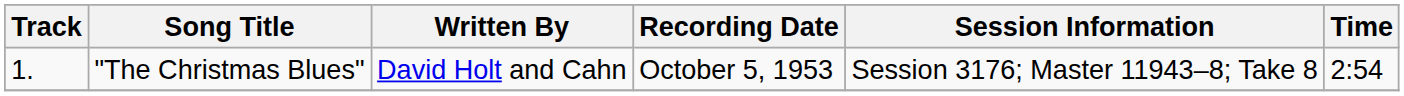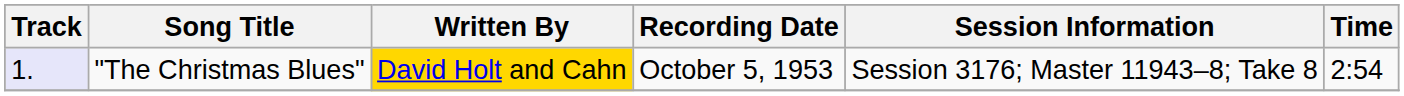 <table class="wikitable" style="font-size:95%;">
 <tr>
 <th>Track</th>
 <th>Song Title</th>
 <th>Written By</th>
 <th>Recording Date</th>
 <th>Session Information</th>
 <th>Time</th>
 </tr>
 <tr>
-<td>1.</td>
+<td style="background: lavender;">1.</td>
 <td>"The Christmas Blues"</td>
-<td><a href='#'>David Holt</a> and Cahn</td>
+<td style="background: gold;"><a href='#'>David Holt</a> and Cahn</td>
 <td>October 5, 1953</td>
 <td>Session 3176; Master 11943–8; Take 8</td>
 <td>2:54</td>
 </tr>
 <tr>
 </tr>
 </table>
